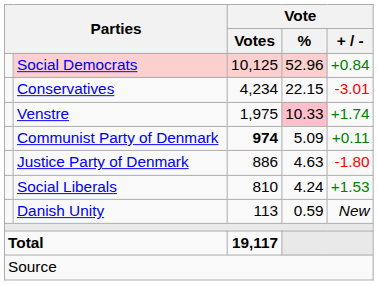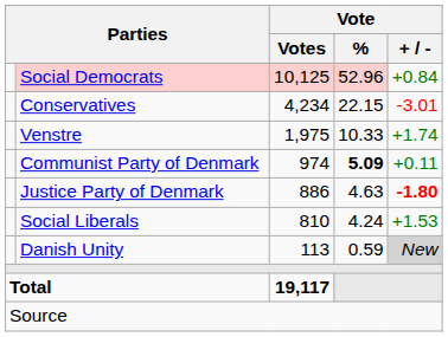 <table class="wikitable" style="text-align:right;">
 <tr>
 <th style="text-align:centre;" rowspan="2" colspan="2" width="225">Parties</th>
 <th colspan="3">Vote</th>
 </tr>
 <tr>
 <th width="15">Votes</th>
 <th width="15">%</th>
 <th width="15">+ / -</th>
 </tr>
 <tr>
 <td width="2" style="color:inherit;background:"></td>
 <td bgcolor=#fbd0ce  align="left"><a href='#'>Social Democrats</a></td>
 <td bgcolor=#fbd0ce>10,125</td>
 <td bgcolor=#fbd0ce>52.96</td>
 <td style=color:green;>+0.84</td>
 </tr>
 <tr>
 <td width="2" style="color:inherit;background:"></td>
 <td align="left"><a href='#'>Conservatives</a></td>
 <td>4,234</td>
 <td>22.15</td>
 <td style=color:red;>-3.01</td>
 </tr>
 <tr>
 <td width="2" style="color:inherit;background:"></td>
 <td align="left"><a href='#'>Venstre</a></td>
 <td>1,975</td>
-<td style="background: pink;">10.33</td>
+<td>10.33</td>
 <td style=color:green;>+1.74</td>
 </tr>
 <tr>
 <td width="2" style="color:inherit;background:"></td>
 <td align="left"><a href='#'>Communist Party of Denmark</a></td>
-<td><strong>974</strong></td>
-<td>5.09</td>
+<td>974</td>
+<td><strong>5.09</strong></td>
 <td style=color:green;>+0.11</td>
 </tr>
 <tr>
 <td width="2" style="color:inherit;background:"></td>
 <td align="left"><a href='#'>Justice Party of Denmark</a></td>
 <td>886</td>
 <td>4.63</td>
-<td style=color:red;>-1.80</td>
+<td style=color:red;><strong>-1.80</strong></td>
 </tr>
 <tr>
 <td width="2" style="color:inherit;background:"></td>
 <td align="left"><a href='#'>Social Liberals</a></td>
 <td>810</td>
 <td>4.24</td>
 <td style=color:green;>+1.53</td>
 </tr>
 <tr>
 <td width="2" style="color:inherit;background:"></td>
 <td align="left"><a href='#'>Danish Unity</a></td>
 <td>113</td>
 <td>0.59</td>
-<td><em>New</em></td>
+<td style="background: lightgrey;"><em>New</em></td>
 </tr>
 <tr>
 <td colspan="7" bgcolor="#E9E9E9"></td>
 </tr>
 <tr>
 <td align="left" colspan="2"><strong>Total</strong></td>
 <td><strong>19,117</strong></td>
 <td bgcolor="#E9E9E9" colspan="2"></td>
 </tr>
 <tr>
 <td align="left" colspan="6">Source</td>
 </tr>
 </table>
